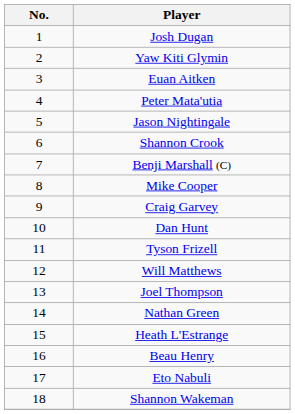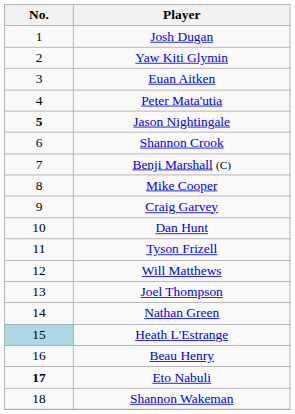 <table class="wikitable" style="text-align: center;">
 <tr>
 <th style="width:75px;">No.</th>
 <th style="width:250px;">Player</th>
 </tr>
 <tr>
 <td>1</td>
 <td><a href='#'>Josh Dugan</a></td>
 </tr>
 <tr>
 <td>2</td>
 <td><a href='#'>Yaw Kiti Glymin</a></td>
 </tr>
 <tr>
 <td>3</td>
 <td><a href='#'>Euan Aitken</a></td>
 </tr>
 <tr>
 <td>4</td>
 <td><a href='#'>Peter Mata'utia</a></td>
 </tr>
 <tr>
-<td>5</td>
+<td><strong>5</strong></td>
 <td><a href='#'>Jason Nightingale</a></td>
 </tr>
 <tr>
 <td>6</td>
 <td><a href='#'>Shannon Crook</a></td>
 </tr>
 <tr>
 <td>7</td>
 <td><a href='#'>Benji Marshall</a> <small>(C)</small></td>
 </tr>
 <tr>
 <td>8</td>
 <td><a href='#'>Mike Cooper</a></td>
 </tr>
 <tr>
 <td>9</td>
 <td><a href='#'>Craig Garvey</a></td>
 </tr>
 <tr>
 <td>10</td>
 <td><a href='#'>Dan Hunt</a></td>
 </tr>
 <tr>
 <td>11</td>
 <td><a href='#'>Tyson Frizell</a></td>
 </tr>
 <tr>
 <td>12</td>
 <td><a href='#'>Will Matthews</a></td>
 </tr>
 <tr>
 <td>13</td>
 <td><a href='#'>Joel Thompson</a></td>
 </tr>
 <tr>
 <td>14</td>
 <td><a href='#'>Nathan Green</a></td>
 </tr>
 <tr>
-<td>15</td>
+<td style="background: lightblue;">15</td>
 <td><a href='#'>Heath L'Estrange</a></td>
 </tr>
 <tr>
 <td>16</td>
 <td><a href='#'>Beau Henry</a></td>
 </tr>
 <tr>
-<td>17</td>
+<td><strong>17</strong></td>
 <td><a href='#'>Eto Nabuli</a></td>
 </tr>
 <tr>
 <td>18</td>
 <td><a href='#'>Shannon Wakeman</a></td>
 </tr>
 <tr>
 </tr>
 </table>
